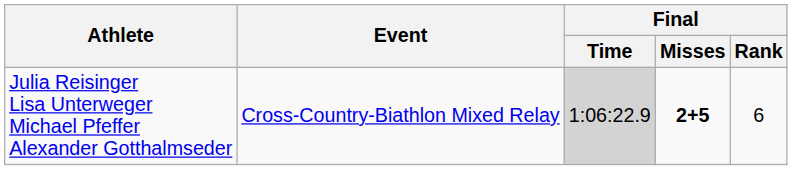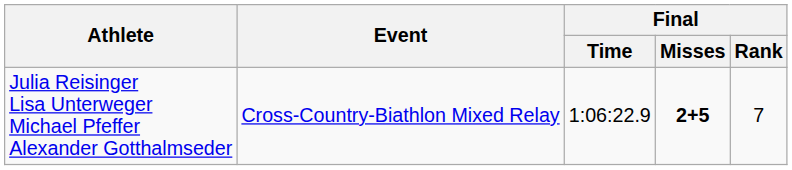 <table class="wikitable">
 <tr>
 <th rowspan="2">Athlete</th>
 <th rowspan="2">Event</th>
 <th colspan="3">Final</th>
 </tr>
 <tr>
 <th>Time</th>
 <th>Misses</th>
 <th>Rank</th>
 </tr>
 <tr>
 <td><a href='#'>Julia Reisinger</a><br><a href='#'>Lisa Unterweger</a><br><a href='#'>Michael Pfeffer</a><br><a href='#'>Alexander Gotthalmseder</a></td>
 <td><a href='#'>Cross-Country-Biathlon Mixed Relay</a></td>
-<td align="center" style="background: lightgrey;">1:06:22.9</td>
+<td align="center">1:06:22.9</td>
 <td align="center"><strong>2+5</strong></td>
-<td align="center">6</td>
+<td align="center">7</td>
 </tr>
 </table>
